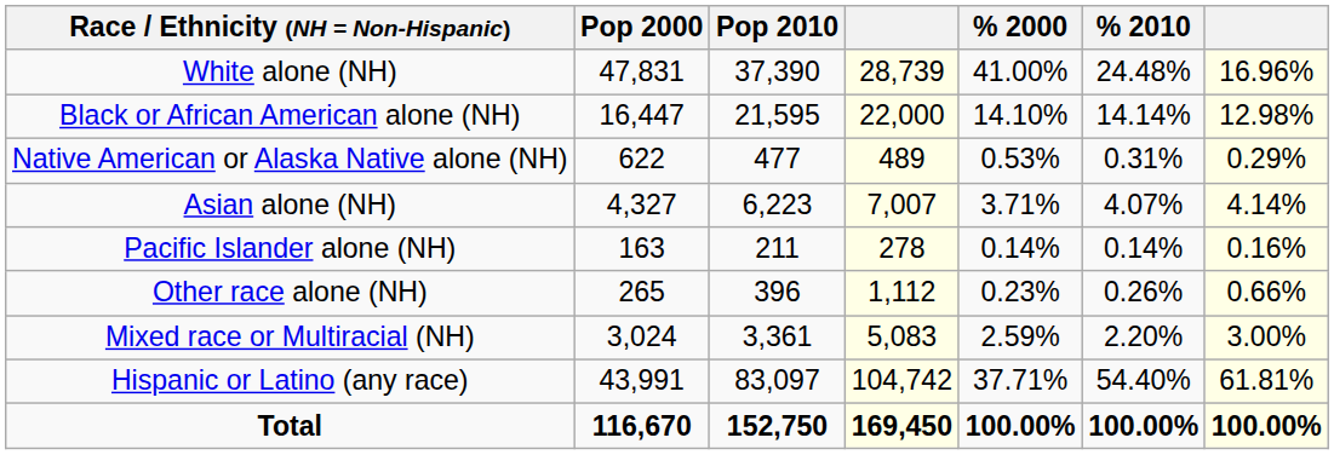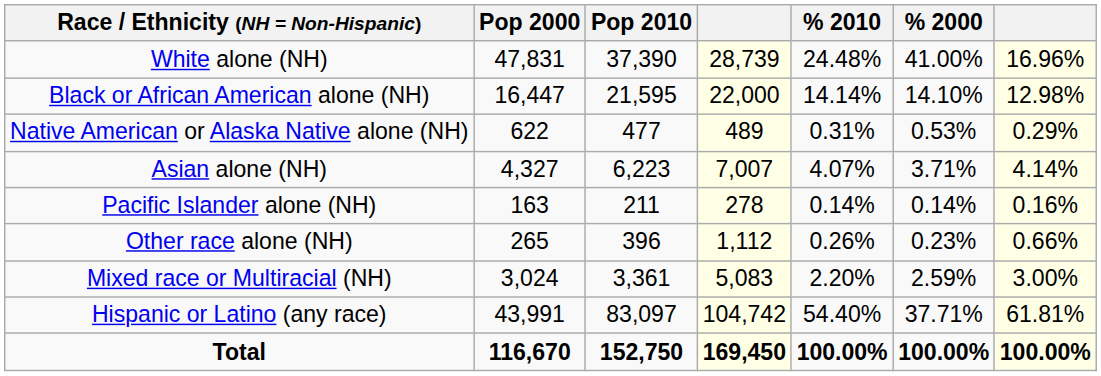 <table class="wikitable" style="text-align:center;">
 <tr>
 <th>Race / Ethnicity <small>(<em>NH = Non-Hispanic</em>)</small></th>
 <th>Pop 2000</th>
 <th>Pop 2010</th>
 <th></th>
+<th>% 2010</th>
 <th>% 2000</th>
-<th>% 2010</th>
 <th></th>
 </tr>
 <tr>
 <td><a href='#'>White</a> alone (NH)</td>
 <td>47,831</td>
 <td>37,390</td>
 <td style='background: #ffffe6;'>28,739</td>
+<td>24.48%</td>
 <td>41.00%</td>
-<td>24.48%</td>
 <td style='background: #ffffe6;'>16.96%</td>
 </tr>
 <tr>
 <td><a href='#'>Black or African American</a> alone (NH)</td>
 <td>16,447</td>
 <td>21,595</td>
 <td style='background: #ffffe6;'>22,000</td>
+<td>14.14%</td>
 <td>14.10%</td>
-<td>14.14%</td>
 <td style='background: #ffffe6;'>12.98%</td>
 </tr>
 <tr>
 <td><a href='#'>Native American</a> or <a href='#'>Alaska Native</a> alone (NH)</td>
 <td>622</td>
 <td>477</td>
 <td style='background: #ffffe6;'>489</td>
+<td>0.31%</td>
 <td>0.53%</td>
-<td>0.31%</td>
 <td style='background: #ffffe6;'>0.29%</td>
 </tr>
 <tr>
 <td><a href='#'>Asian</a> alone (NH)</td>
 <td>4,327</td>
 <td>6,223</td>
 <td style='background: #ffffe6;'>7,007</td>
+<td>4.07%</td>
 <td>3.71%</td>
-<td>4.07%</td>
 <td style='background: #ffffe6;'>4.14%</td>
 </tr>
 <tr>
 <td><a href='#'>Pacific Islander</a> alone (NH)</td>
 <td>163</td>
 <td>211</td>
 <td style='background: #ffffe6;'>278</td>
 <td>0.14%</td>
 <td>0.14%</td>
 <td style='background: #ffffe6;'>0.16%</td>
 </tr>
 <tr>
 <td><a href='#'>Other race</a> alone (NH)</td>
 <td>265</td>
 <td>396</td>
 <td style='background: #ffffe6;'>1,112</td>
+<td>0.26%</td>
 <td>0.23%</td>
-<td>0.26%</td>
 <td style='background: #ffffe6;'>0.66%</td>
 </tr>
 <tr>
 <td><a href='#'>Mixed race or Multiracial</a> (NH)</td>
 <td>3,024</td>
 <td>3,361</td>
 <td style='background: #ffffe6;'>5,083</td>
+<td>2.20%</td>
 <td>2.59%</td>
-<td>2.20%</td>
 <td style='background: #ffffe6;'>3.00%</td>
 </tr>
 <tr>
 <td><a href='#'>Hispanic or Latino</a> (any race)</td>
 <td>43,991</td>
 <td>83,097</td>
 <td style='background: #ffffe6;'>104,742</td>
+<td>54.40%</td>
 <td>37.71%</td>
-<td>54.40%</td>
 <td style='background: #ffffe6;'>61.81%</td>
 </tr>
 <tr>
 <td><strong>Total</strong></td>
 <td><strong>116,670</strong></td>
 <td><strong>152,750</strong></td>
 <td style='background: #ffffe6;'><strong>169,450</strong></td>
 <td><strong>100.00%</strong></td>
 <td><strong>100.00%</strong></td>
 <td style='background: #ffffe6;'><strong>100.00%</strong></td>
 </tr>
 </table>
